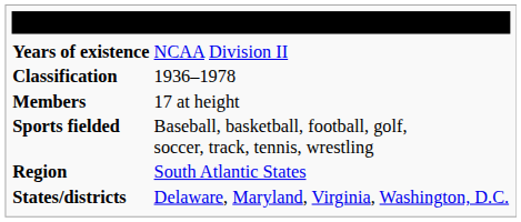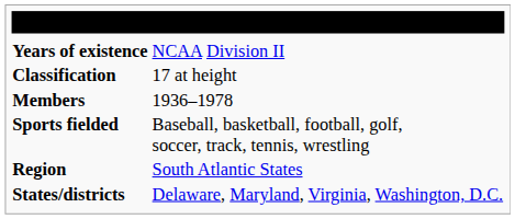 <table class="infobox">
 <tr>
 <th colspan="2" align=center bgcolor="#000000"><span><strong>Mason–Dixon Conference</strong></span></th>
 </tr>
 <tr>
 <td colspan="2" align=center></td>
 </tr>
 <tr>
 <td><strong>Years of existence</strong></td>
 <td><a href='#'>NCAA</a> <a href='#'>Division II</a></td>
 </tr>
 <tr>
 <td><strong>Classification</strong></td>
-<td>1936–1978</td>
+<td>17 at height</td>
 </tr>
 <tr>
 <td><strong>Members</strong></td>
-<td>17 at height</td>
+<td>1936–1978</td>
 </tr>
 <tr>
 <td><strong>Sports fielded</strong></td>
 <td>Baseball, basketball, football, golf,<br> soccer, track, tennis, wrestling</td>
 </tr>
 <tr>
 <td><strong>Region</strong></td>
 <td><a href='#'>South Atlantic States</a></td>
 </tr>
 <tr>
 <td><strong>States/districts</strong></td>
 <td><a href='#'>Delaware</a>, <a href='#'>Maryland</a>, <a href='#'>Virginia</a>, <a href='#'>Washington, D.C.</a></td>
 </tr>
 <tr>
 </tr>
 </table>
